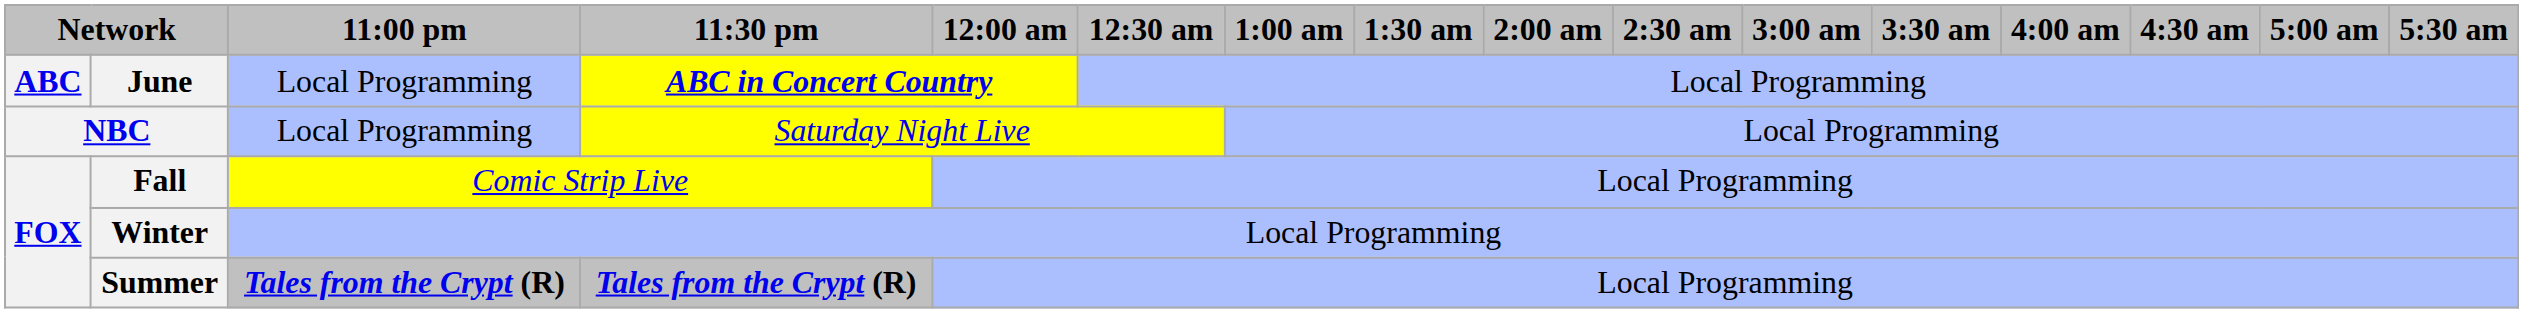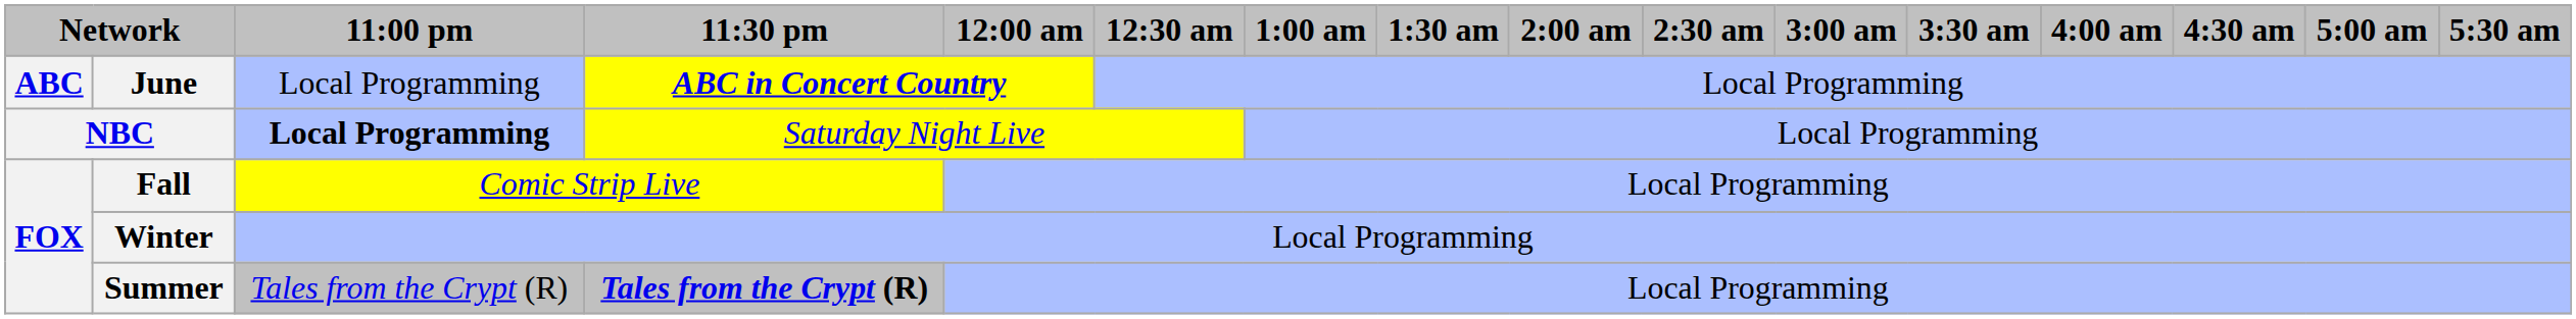 <table class="wikitable" style="width:100%;margin-right:0;text-align:center">
 <tr>
 <th style="background-color:#C0C0C0;text-align:center" colspan="2">Network</th>
 <th style="background-color:#C0C0C0;text-align:center">11:00 pm</th>
 <th style="background-color:#C0C0C0;text-align:center">11:30 pm</th>
 <th style="background-color:#C0C0C0;text-align:center">12:00 am</th>
 <th style="background-color:#C0C0C0;text-align:center">12:30 am</th>
 <th style="background-color:#C0C0C0;text-align:center">1:00 am</th>
 <th style="background-color:#C0C0C0;text-align:center">1:30 am</th>
 <th style="background-color:#C0C0C0;text-align:center">2:00 am</th>
 <th style="background-color:#C0C0C0;text-align:center">2:30 am</th>
 <th style="background-color:#C0C0C0;text-align:center">3:00 am</th>
 <th style="background-color:#C0C0C0;text-align:center">3:30 am</th>
 <th style="background-color:#C0C0C0;text-align:center">4:00 am</th>
 <th style="background-color:#C0C0C0;text-align:center">4:30 am</th>
 <th style="background-color:#C0C0C0;text-align:center">5:00 am</th>
 <th style="background-color:#C0C0C0;text-align:center">5:30 am</th>
 </tr>
 <tr>
 <th colspan="1"><a href='#'>ABC</a></th>
 <th>June</th>
 <td colspan="1" style="background:#abbfff">Local Programming</td>
 <td colspan="2" style="background:yellow"><strong><em><a href='#'>ABC in Concert Country</a></em></strong></td>
 <td colspan="11" style="background:#abbfff">Local Programming</td>
 </tr>
 <tr>
 <th colspan="2"><a href='#'>NBC</a></th>
-<td style="background:#abbfff">Local Programming</td>
+<td style="background:#abbfff"><strong>Local Programming</strong></td>
 <td colspan="3" style="background:yellow"><em><a href='#'>Saturday Night Live</a></em></td>
 <td colspan="10" style="background:#abbfff">Local Programming</td>
 </tr>
 <tr>
 <th rowspan="3"><a href='#'>FOX</a></th>
 <th>Fall</th>
 <td colspan="2" style="background:yellow"><em><a href='#'>Comic Strip Live</a></em></td>
 <td colspan="12" style="background:#abbfff">Local Programming</td>
 </tr>
 <tr>
 <th>Winter</th>
 <td colspan="16" style="background:#abbfff">Local Programming</td>
 </tr>
 <tr>
 <th>Summer</th>
-<td colspan="1" style="background:#C0C0C0"><strong><em><a href='#'>Tales from the Crypt</a></em> (R)</strong></td>
+<td colspan="1" style="background:#C0C0C0"><em><a href='#'>Tales from the Crypt</a></em> (R)</td>
 <td colspan="1" style="background:#C0C0C0"><strong><em><a href='#'>Tales from the Crypt</a></em> (R)</strong></td>
 <td colspan="12" style="background:#abbfff">Local Programming</td>
 </tr>
 </table>
